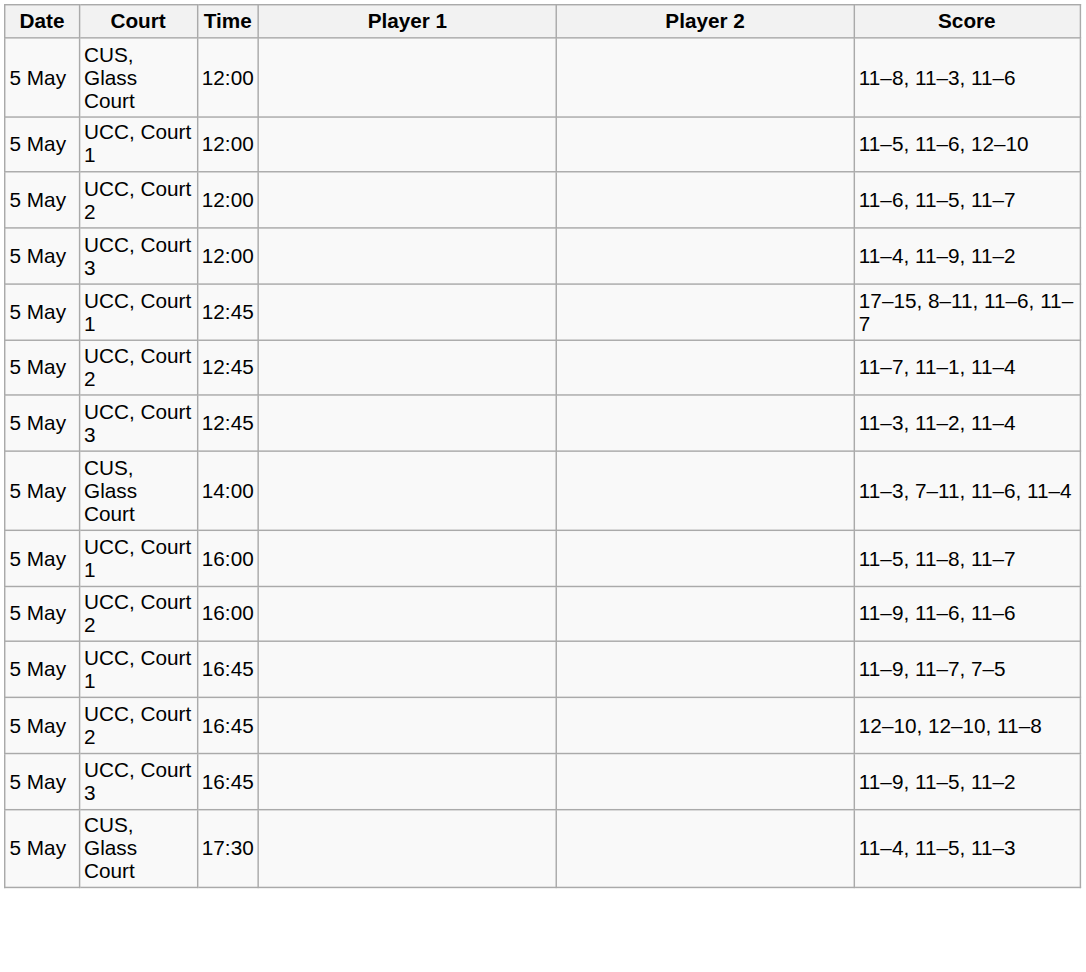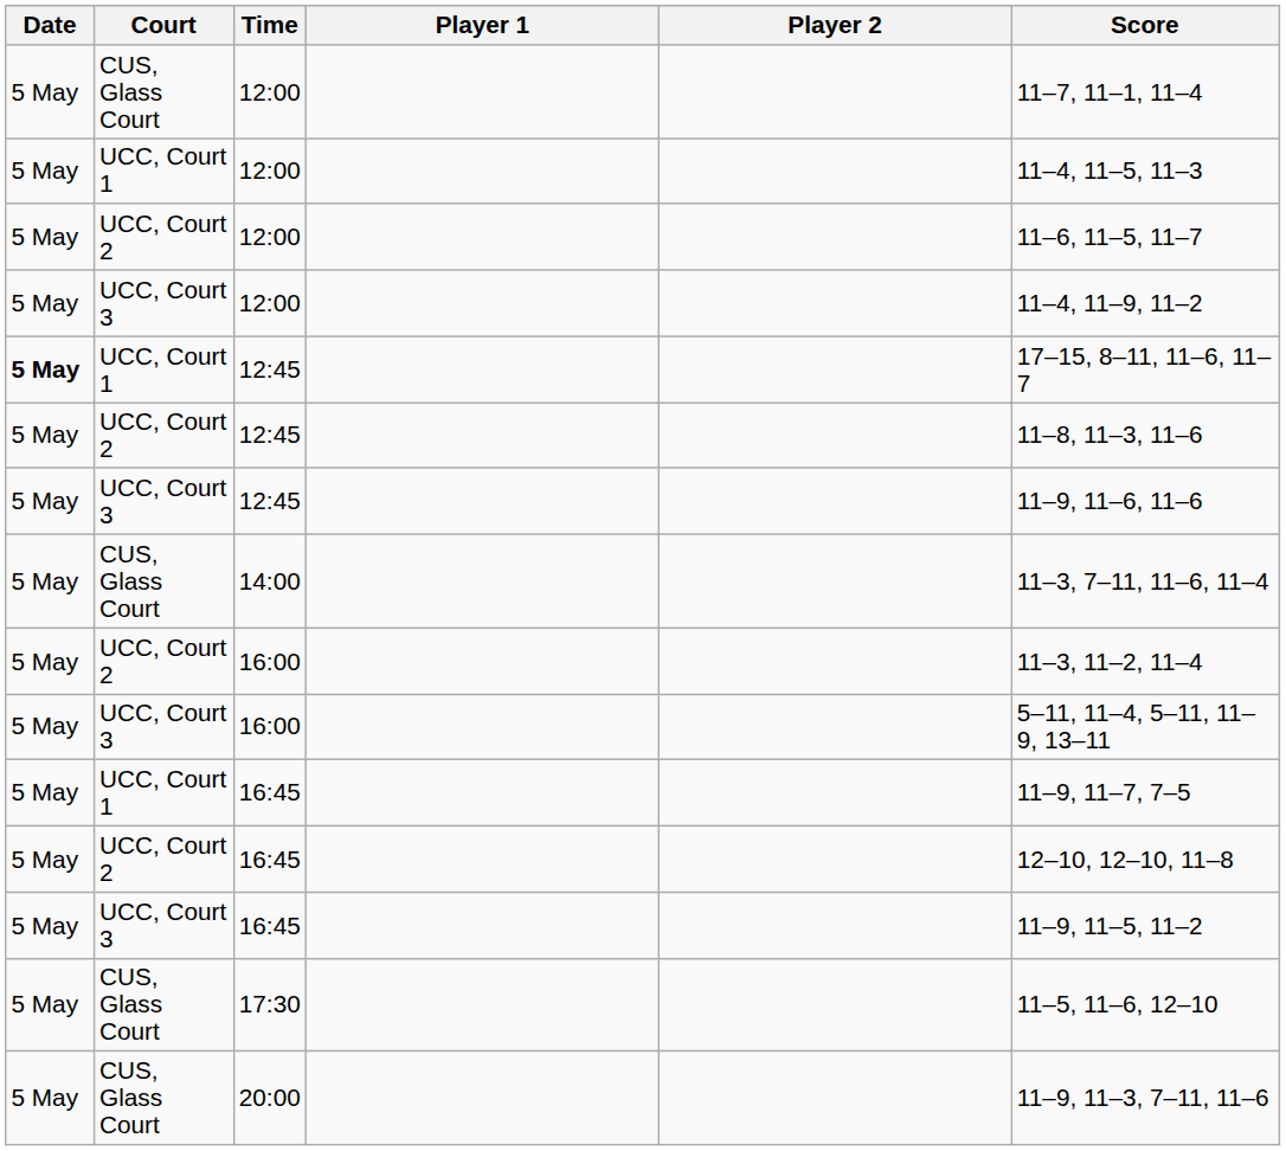 <table class="sortable wikitable" style="font-size:90%">
 <tr>
 <th width="45" class="unsortable">Date</th>
 <th width="75">Court</th>
 <th width="30">Time</th>
 <th width="200">Player 1</th>
 <th width="200">Player 2</th>
 <th width="150" class="unsortable">Score</th>
 </tr>
 <tr>
 <td>5 May</td>
 <td>CUS, Glass Court</td>
 <td>12:00</td>
 <td></td>
 <td><strong></strong></td>
-<td>11–8, 11–3, 11–6</td>
+<td>11–7, 11–1, 11–4</td>
 </tr>
 <tr>
 <td>5 May</td>
 <td>UCC, Court 1</td>
 <td>12:00</td>
 <td><strong></strong></td>
 <td></td>
-<td>11–5, 11–6, 12–10</td>
+<td>11–4, 11–5, 11–3</td>
 </tr>
 <tr>
 <td>5 May</td>
 <td>UCC, Court 2</td>
 <td>12:00</td>
 <td></td>
 <td><strong></strong></td>
 <td>11–6, 11–5, 11–7</td>
 </tr>
 <tr>
 <td>5 May</td>
 <td>UCC, Court 3</td>
 <td>12:00</td>
 <td></td>
 <td><strong></strong></td>
 <td>11–4, 11–9, 11–2</td>
 </tr>
 <tr>
-<td>5 May</td>
+<td><strong>5 May</strong></td>
 <td>UCC, Court 1</td>
 <td>12:45</td>
 <td></td>
 <td><strong></strong></td>
 <td>17–15, 8–11, 11–6, 11–7</td>
 </tr>
 <tr>
 <td>5 May</td>
 <td>UCC, Court 2</td>
 <td>12:45</td>
 <td></td>
 <td><strong></strong></td>
-<td>11–7, 11–1, 11–4</td>
+<td>11–8, 11–3, 11–6</td>
 </tr>
 <tr>
 <td>5 May</td>
 <td>UCC, Court 3</td>
 <td>12:45</td>
 <td><strong></strong></td>
 <td></td>
-<td>11–3, 11–2, 11–4</td>
+<td>11–9, 11–6, 11–6</td>
 </tr>
 <tr>
 <td>5 May</td>
 <td>CUS, Glass Court</td>
 <td>14:00</td>
 <td><strong></strong></td>
 <td></td>
 <td>11–3, 7–11, 11–6, 11–4</td>
 </tr>
 <tr>
 <td>5 May</td>
-<td>UCC, Court 1</td>
-<td>16:00</td>
-<td><strong></strong></td>
-<td></td>
-<td>11–5, 11–8, 11–7</td>
-</tr>
-<tr>
-<td>5 May</td>
 <td>UCC, Court 2</td>
 <td>16:00</td>
 <td></td>
 <td><strong></strong></td>
-<td>11–9, 11–6, 11–6</td>
+<td>11–3, 11–2, 11–4</td>
+</tr>
+<tr>
+<td>5 May</td>
+<td>UCC, Court 3</td>
+<td>16:00</td>
+<td></td>
+<td><strong></strong></td>
+<td>5–11, 11–4, 5–11, 11–9, 13–11</td>
 </tr>
 <tr>
 <td>5 May</td>
 <td>UCC, Court 1</td>
 <td>16:45</td>
 <td></td>
 <td><strong></strong></td>
 <td>11–9, 11–7, 7–5</td>
 </tr>
 <tr>
 <td>5 May</td>
 <td>UCC, Court 2</td>
 <td>16:45</td>
 <td><strong></strong></td>
 <td></td>
 <td>12–10, 12–10, 11–8</td>
 </tr>
 <tr>
 <td>5 May</td>
 <td>UCC, Court 3</td>
 <td>16:45</td>
 <td><strong></strong></td>
 <td></td>
 <td>11–9, 11–5, 11–2</td>
 </tr>
 <tr>
 <td>5 May</td>
 <td>CUS, Glass Court</td>
 <td>17:30</td>
 <td><strong> </strong></td>
 <td></td>
-<td>11–4, 11–5, 11–3</td>
+<td>11–5, 11–6, 12–10</td>
+</tr>
+<tr>
+<td>5 May</td>
+<td>CUS, Glass Court</td>
+<td>20:00</td>
+<td></td>
+<td><strong></strong></td>
+<td>11–9, 11–3, 7–11, 11–6</td>
 </tr>
 </table>
